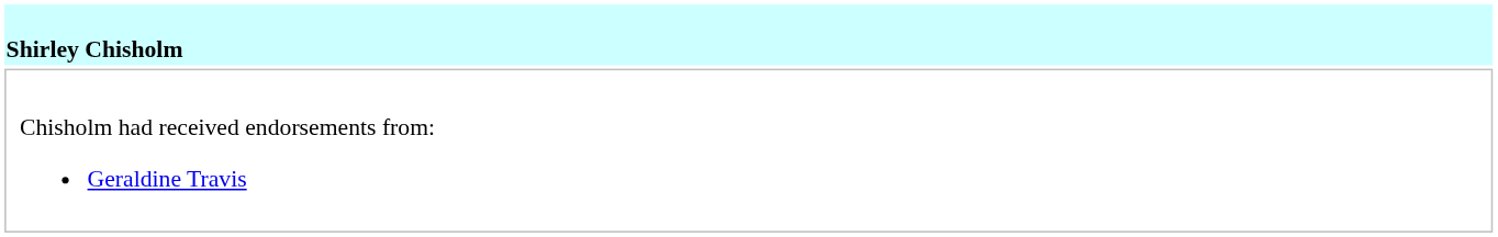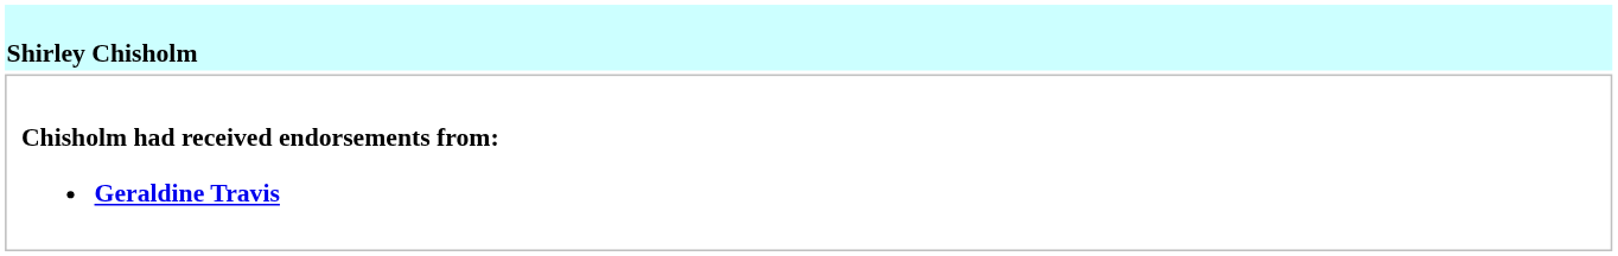 <table class="collapsible collapsed" style="width:100%;font-size:88%;text-align:left; border:0; margin-top:0.2em;">
 <tr>
 <th style="background:#cff; font-weight:normal;"><br><strong>Shirley Chisholm</strong></th>
 </tr>
 <tr>
-<td style="border:solid 1px silver; padding:8px; background:white;"><br>Chisholm had received endorsements from:<ul><li><a href='#'>Geraldine Travis</a></li></ul></td>
+<td style="border:solid 1px silver; padding:8px; background:white;"><strong><br>Chisholm had received endorsements from:<ul><li><a href='#'>Geraldine Travis</a></li></ul></strong></td>
 </tr>
 <tr>
 <td style="text-align:center;"></td>
 </tr>
 </table>
